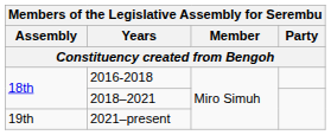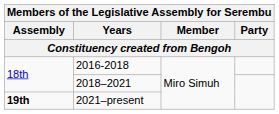 <table class=wikitable>
 <tr>
 <th colspan="4">Members of the Legislative Assembly for Serembu</th>
 </tr>
 <tr>
 <th>Assembly</th>
 <th>Years</th>
 <th>Member</th>
 <th>Party</th>
 </tr>
 <tr>
 <th colspan=4 align=center><em>Constituency created from Bengoh</em></th>
 </tr>
 <tr>
 <td rowspan=2><a href='#'>18th</a></td>
 <td>2016-2018</td>
 <td rowspan=3>Miro Simuh</td>
 <td></td>
 </tr>
 <tr>
 <td>2018–2021</td>
 <td rowspan=2></td>
 </tr>
 <tr>
-<td>19th</td>
+<td><strong>19th</strong></td>
 <td>2021–present</td>
 </tr>
 </table>
